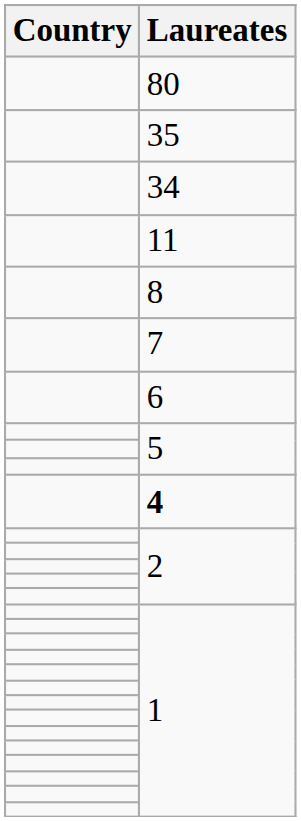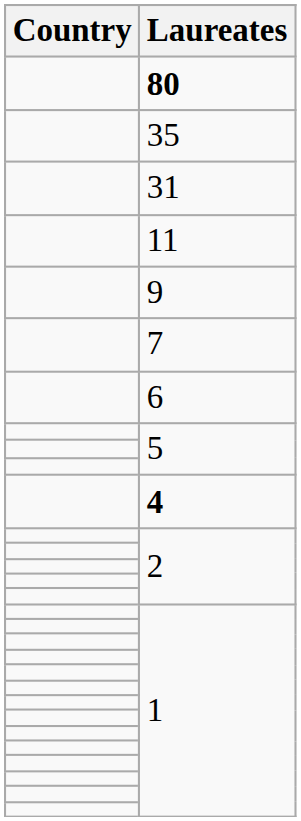 <table class="wikitable sortable">
 <tr>
 <th>Country</th>
 <th>Laureates</th>
 </tr>
 <tr>
 <td></td>
-<td>80</td>
+<td><strong>80</strong></td>
 </tr>
 <tr>
 <td></td>
 <td>35</td>
 </tr>
 <tr>
 <td></td>
-<td>34</td>
+<td>31</td>
 </tr>
 <tr>
 <td></td>
 <td>11</td>
 </tr>
 <tr>
 <td></td>
-<td>8</td>
+<td>9</td>
 </tr>
 <tr>
 <td></td>
 <td>7</td>
 </tr>
 <tr>
 <td></td>
 <td>6</td>
 </tr>
 <tr>
 <td></td>
 <td rowspan="3">5</td>
 </tr>
 <tr>
 <td></td>
 </tr>
 <tr>
 <td></td>
 </tr>
 <tr>
 <td></td>
 <td><strong>4</strong></td>
 </tr>
 <tr>
 <td></td>
 <td rowspan="5">2</td>
 </tr>
 <tr>
 <td></td>
 </tr>
 <tr>
 <td></td>
 </tr>
 <tr>
 <td></td>
 </tr>
 <tr>
 <td></td>
 </tr>
 <tr>
 <td></td>
 <td rowspan="15">1</td>
 </tr>
 <tr>
 <td></td>
 </tr>
 <tr>
 <td></td>
 </tr>
 <tr>
 <td></td>
 </tr>
 <tr>
 <td></td>
 </tr>
 <tr>
 <td></td>
 </tr>
 <tr>
 <td></td>
 </tr>
 <tr>
 <td></td>
 </tr>
 <tr>
 <td></td>
 </tr>
 <tr>
 <td></td>
 </tr>
 <tr>
 <td></td>
 </tr>
 <tr>
 <td></td>
 </tr>
 <tr>
 <td></td>
 </tr>
 <tr>
 <td></td>
 </tr>
 </table>
